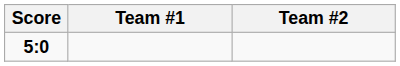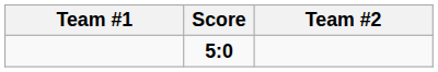 <table class="wikitable" style="text-align:center;">
 <tr>
+<th width=140>Team #1</th>
 <th width=50>Score</th>
-<th width=140>Team #1</th>
 <th width=140>Team #2</th>
 </tr>
 <tr>
+<td style="text-align:right;"></td>
 <td><strong>5:0</strong></td>
-<td style="text-align:right;"></td>
 <td style="text-align:left;"></td>
 </tr>
 </table>
